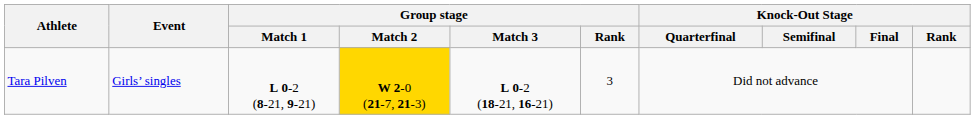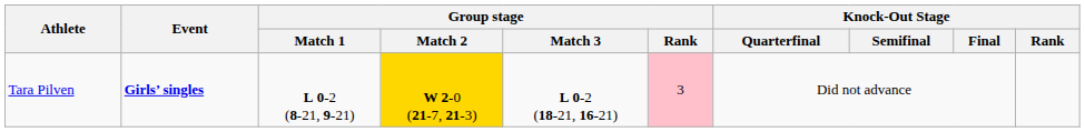 <table class="wikitable"  style="width:85%; text-align:left; font-size:90%;">
 <tr>
 <th rowspan=2>Athlete</th>
 <th rowspan=2>Event</th>
 <th colspan=4>Group stage</th>
 <th colspan=4>Knock-Out Stage</th>
 </tr>
 <tr>
 <th>Match 1</th>
 <th>Match 2</th>
 <th>Match 3</th>
 <th>Rank</th>
 <th>Quarterfinal</th>
 <th>Semifinal</th>
 <th>Final</th>
 <th>Rank</th>
 </tr>
 <tr>
 <td><a href='#'>Tara Pilven</a></td>
-<td><a href='#'>Girls’ singles</a></td>
+<td><strong><a href='#'>Girls’ singles</a></strong></td>
 <td align=center> <br><br><strong>L</strong> <strong>0</strong>-2 <br> (<strong>8</strong>-21, <strong>9</strong>-21)</td>
 <td align=center style="background: gold;"> <br><br><strong>W</strong> <strong>2</strong>-0 <br> (<strong>21</strong>-7, <strong>21</strong>-3)</td>
 <td align=center> <br><br><strong>L</strong> <strong>0</strong>-2 <br> (<strong>18</strong>-21, <strong>16</strong>-21)</td>
-<td align=center>3</td>
+<td align=center style="background: pink;">3</td>
 <td colspan="3" style="text-align:center;">Did not advance</td>
 <td align=center></td>
 </tr>
 </table>
